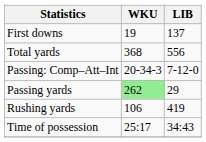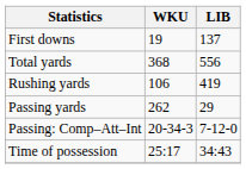 <table class="wikitable" style="float: left;">
 <tr>
 <th>Statistics</th>
 <th>WKU</th>
 <th>LIB</th>
 </tr>
 <tr>
 <td>First downs</td>
 <td>19</td>
 <td>137</td>
 </tr>
 <tr>
 <td>Total yards</td>
 <td>368</td>
 <td>556</td>
 </tr>
 <tr>
+<td>Rushing yards</td>
+<td>106</td>
+<td>419</td>
+</tr>
+<tr>
+<td>Passing yards</td>
+<td>262</td>
+<td>29</td>
+</tr>
+<tr>
 <td>Passing: Comp–Att–Int</td>
 <td>20-34-3</td>
 <td>7-12-0</td>
-</tr>
-<tr>
-<td>Passing yards</td>
-<td style="background: lightgreen;">262</td>
-<td>29</td>
-</tr>
-<tr>
-<td>Rushing yards</td>
-<td>106</td>
-<td>419</td>
 </tr>
 <tr>
 <td>Time of possession</td>
 <td>25:17</td>
 <td>34:43</td>
 </tr>
 <tr>
 </tr>
 </table>
